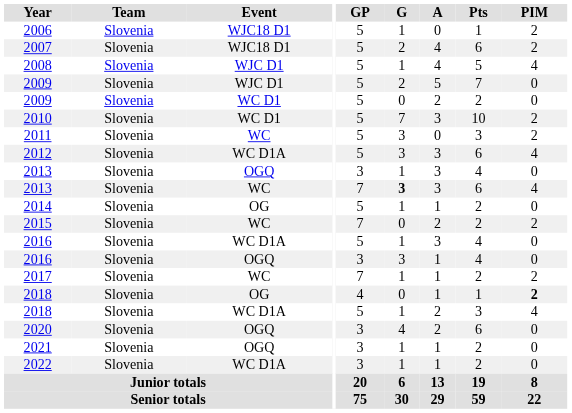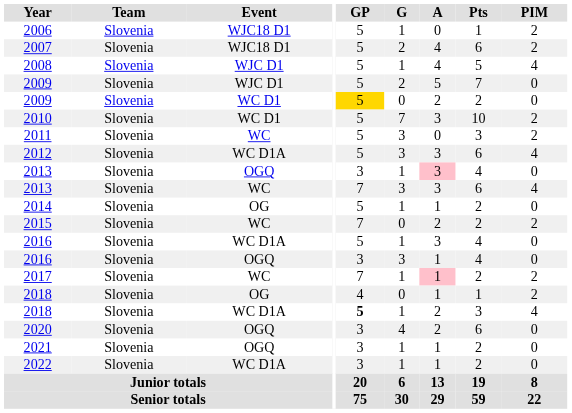 <table border="0" cellpadding="1" cellspacing="0" ID="Table3" style="text-align:center; width:40em">
 <tr ALIGN="center" bgcolor="#e0e0e0">
 <th>Year</th>
 <th>Team</th>
 <th>Event</th>
 <th rowspan="102" bgcolor="#ffffff"></th>
 <th>GP</th>
 <th>G</th>
 <th>A</th>
 <th>Pts</th>
 <th>PIM</th>
 </tr>
 <tr>
 <td><a href='#'>2006</a></td>
 <td><a href='#'>Slovenia</a></td>
 <td><a href='#'>WJC18 D1</a></td>
 <td>5</td>
 <td>1</td>
 <td>0</td>
 <td>1</td>
 <td>2</td>
 </tr>
 <tr bgcolor="#f0f0f0">
 <td><a href='#'>2007</a></td>
 <td>Slovenia</td>
 <td>WJC18 D1</td>
 <td>5</td>
 <td>2</td>
 <td>4</td>
 <td>6</td>
 <td>2</td>
 </tr>
 <tr>
 <td><a href='#'>2008</a></td>
 <td><a href='#'>Slovenia</a></td>
 <td><a href='#'>WJC D1</a></td>
 <td>5</td>
 <td>1</td>
 <td>4</td>
 <td>5</td>
 <td>4</td>
 </tr>
 <tr bgcolor="#f0f0f0">
 <td><a href='#'>2009</a></td>
 <td>Slovenia</td>
 <td>WJC D1</td>
 <td>5</td>
 <td>2</td>
 <td>5</td>
 <td>7</td>
 <td>0</td>
 </tr>
 <tr>
 <td><a href='#'>2009</a></td>
 <td><a href='#'>Slovenia</a></td>
 <td><a href='#'>WC D1</a></td>
-<td>5</td>
+<td style="background: gold;">5</td>
 <td>0</td>
 <td>2</td>
 <td>2</td>
 <td>0</td>
 </tr>
 <tr bgcolor="#f0f0f0">
 <td><a href='#'>2010</a></td>
 <td>Slovenia</td>
 <td>WC D1</td>
 <td>5</td>
 <td>7</td>
 <td>3</td>
 <td>10</td>
 <td>2</td>
 </tr>
 <tr>
 <td><a href='#'>2011</a></td>
 <td>Slovenia</td>
 <td><a href='#'>WC</a></td>
 <td>5</td>
 <td>3</td>
 <td>0</td>
 <td>3</td>
 <td>2</td>
 </tr>
 <tr bgcolor="#f0f0f0">
 <td><a href='#'>2012</a></td>
 <td>Slovenia</td>
 <td>WC D1A</td>
 <td>5</td>
 <td>3</td>
 <td>3</td>
 <td>6</td>
 <td>4</td>
 </tr>
 <tr>
 <td><a href='#'>2013</a></td>
 <td>Slovenia</td>
 <td><a href='#'>OGQ</a></td>
 <td>3</td>
 <td>1</td>
-<td>3</td>
+<td style="background: pink;">3</td>
 <td>4</td>
 <td>0</td>
 </tr>
 <tr bgcolor="#f0f0f0">
 <td><a href='#'>2013</a></td>
 <td>Slovenia</td>
 <td>WC</td>
 <td>7</td>
-<td><strong>3</strong></td>
+<td>3</td>
 <td>3</td>
 <td>6</td>
 <td>4</td>
 </tr>
 <tr>
 <td><a href='#'>2014</a></td>
 <td>Slovenia</td>
 <td>OG</td>
 <td>5</td>
 <td>1</td>
 <td>1</td>
 <td>2</td>
 <td>0</td>
 </tr>
 <tr bgcolor="#f0f0f0">
 <td><a href='#'>2015</a></td>
 <td>Slovenia</td>
 <td>WC</td>
 <td>7</td>
 <td>0</td>
 <td>2</td>
 <td>2</td>
 <td>2</td>
 </tr>
 <tr>
 <td><a href='#'>2016</a></td>
 <td>Slovenia</td>
 <td>WC D1A</td>
 <td>5</td>
 <td>1</td>
 <td>3</td>
 <td>4</td>
 <td>0</td>
 </tr>
 <tr bgcolor="#f0f0f0">
 <td><a href='#'>2016</a></td>
 <td>Slovenia</td>
 <td>OGQ</td>
 <td>3</td>
 <td>3</td>
 <td>1</td>
 <td>4</td>
 <td>0</td>
 </tr>
 <tr>
 <td><a href='#'>2017</a></td>
 <td>Slovenia</td>
 <td>WC</td>
 <td>7</td>
 <td>1</td>
-<td>1</td>
+<td style="background: pink;">1</td>
 <td>2</td>
 <td>2</td>
 </tr>
 <tr bgcolor="#f0f0f0">
 <td><a href='#'>2018</a></td>
 <td>Slovenia</td>
 <td>OG</td>
 <td>4</td>
 <td>0</td>
 <td>1</td>
 <td>1</td>
-<td><strong>2</strong></td>
+<td>2</td>
 </tr>
 <tr>
 <td><a href='#'>2018</a></td>
 <td>Slovenia</td>
 <td>WC D1A</td>
-<td>5</td>
+<td><strong>5</strong></td>
 <td>1</td>
 <td>2</td>
 <td>3</td>
 <td>4</td>
 </tr>
 <tr bgcolor="#f0f0f0">
 <td><a href='#'>2020</a></td>
 <td>Slovenia</td>
 <td>OGQ</td>
 <td>3</td>
 <td>4</td>
 <td>2</td>
 <td>6</td>
 <td>0</td>
 </tr>
 <tr>
 <td><a href='#'>2021</a></td>
 <td>Slovenia</td>
 <td>OGQ</td>
 <td>3</td>
 <td>1</td>
 <td>1</td>
 <td>2</td>
 <td>0</td>
 </tr>
 <tr bgcolor="#f0f0f0">
 <td><a href='#'>2022</a></td>
 <td>Slovenia</td>
 <td>WC D1A</td>
 <td>3</td>
 <td>1</td>
 <td>1</td>
 <td>2</td>
 <td>0</td>
 </tr>
 <tr bgcolor="#e0e0e0">
 <th colspan=3>Junior totals</th>
 <th>20</th>
 <th>6</th>
 <th>13</th>
 <th>19</th>
 <th>8</th>
 </tr>
 <tr bgcolor="#e0e0e0">
 <th colspan=3>Senior totals</th>
 <th>75</th>
 <th>30</th>
 <th>29</th>
 <th>59</th>
 <th>22</th>
 </tr>
 </table>
